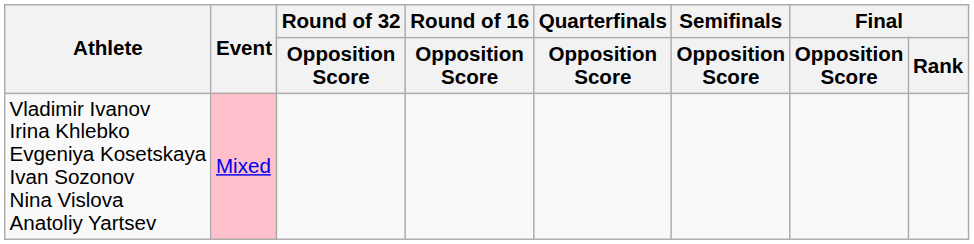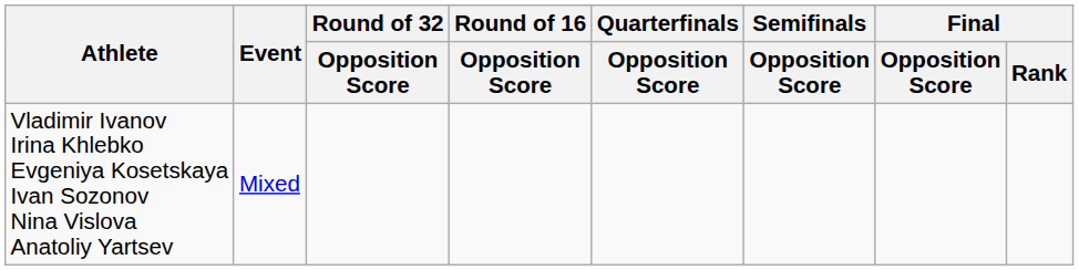 <table class="wikitable" border="1" style="font-size:90%">
 <tr>
 <th rowspan=2>Athlete</th>
 <th rowspan=2>Event</th>
 <th>Round of 32</th>
 <th>Round of 16</th>
 <th>Quarterfinals</th>
 <th>Semifinals</th>
 <th colspan=2>Final</th>
 </tr>
 <tr>
 <th>Opposition<br>Score</th>
 <th>Opposition<br>Score</th>
 <th>Opposition<br>Score</th>
 <th>Opposition<br>Score</th>
 <th>Opposition<br>Score</th>
 <th>Rank</th>
 </tr>
 <tr>
 <td>Vladimir Ivanov <br> Irina Khlebko <br> Evgeniya Kosetskaya <br> Ivan Sozonov <br> Nina Vislova <br> Anatoliy Yartsev</td>
-<td style="background: pink;"><a href='#'>Mixed</a></td>
+<td><a href='#'>Mixed</a></td>
 <td align=center></td>
 <td align=center></td>
 <td align=center></td>
 <td align=center></td>
 <td align=center></td>
 <td align=center></td>
 </tr>
 </table>
